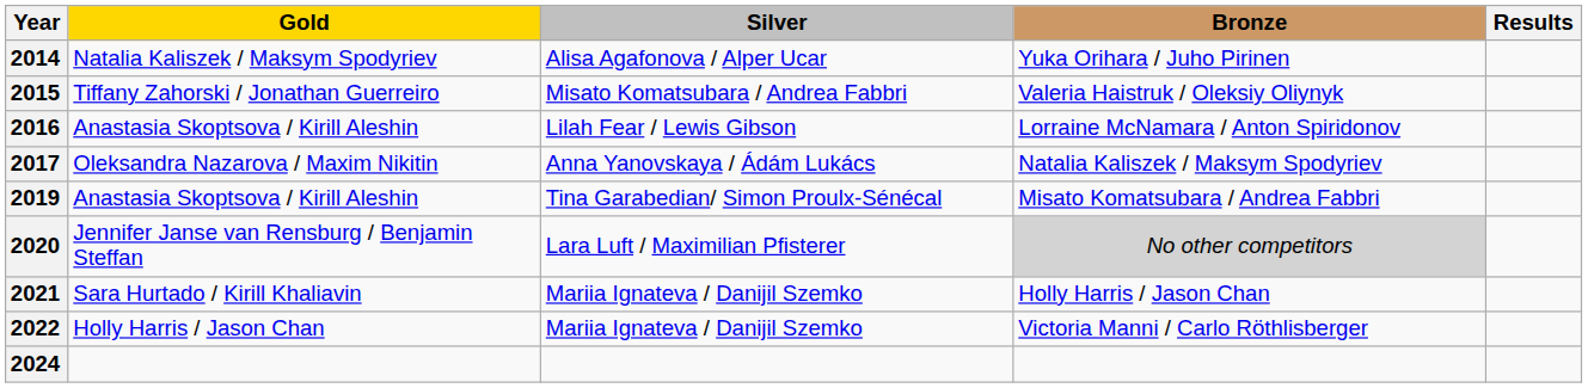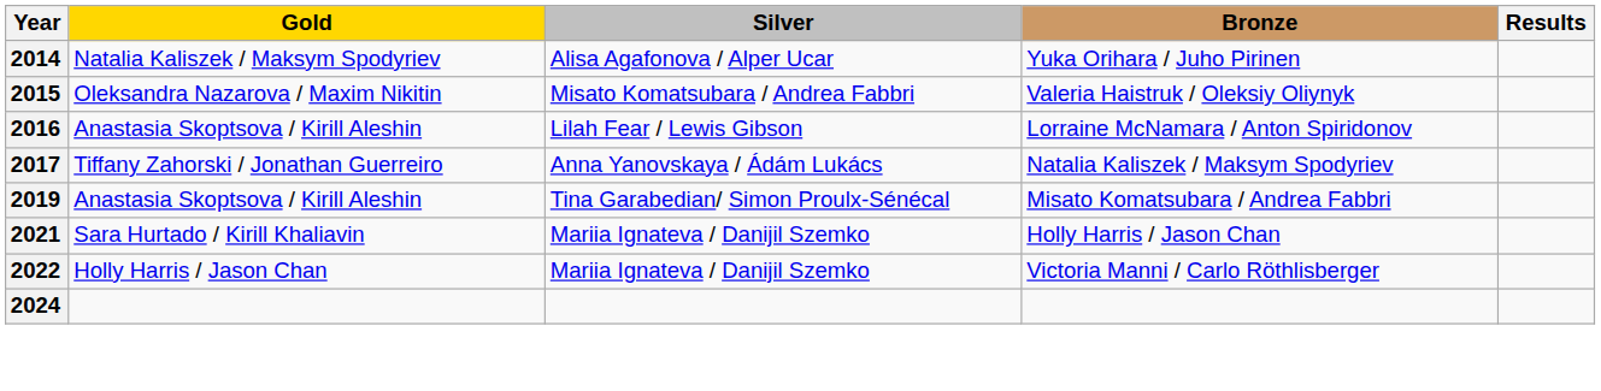 <table class="wikitable unsortable" style="text-align:left; width:90%;">
 <tr>
 <th scope="col" style="text-align:center;">Year</th>
 <td scope="col" style="text-align:center; width:30%; background:gold"><strong>Gold</strong></td>
 <td scope="col" style="text-align:center; width:30%; background:silver"><strong>Silver</strong></td>
 <td scope="col" style="text-align:center; width:30%; background:#c96"><strong>Bronze</strong></td>
 <th scope="col" style="text-align:center;">Results</th>
 </tr>
 <tr>
 <th scope="row" style="text-align:left">2014</th>
 <td> <a href='#'>Natalia Kaliszek</a> / <a href='#'>Maksym Spodyriev</a></td>
 <td> <a href='#'>Alisa Agafonova</a> / <a href='#'>Alper Ucar</a></td>
 <td> <a href='#'>Yuka Orihara</a> / <a href='#'>Juho Pirinen</a></td>
 <td></td>
 </tr>
 <tr>
 <th scope="row" style="text-align:left">2015</th>
-<td> <a href='#'>Tiffany Zahorski</a> / <a href='#'>Jonathan Guerreiro</a></td>
+<td> <a href='#'>Oleksandra Nazarova</a> / <a href='#'>Maxim Nikitin</a></td>
 <td> <a href='#'>Misato Komatsubara</a> / <a href='#'>Andrea Fabbri</a></td>
 <td> <a href='#'>Valeria Haistruk</a> / <a href='#'>Oleksiy Oliynyk</a></td>
 <td></td>
 </tr>
 <tr>
 <th scope="row" style="text-align:left">2016</th>
 <td> <a href='#'>Anastasia Skoptsova</a> / <a href='#'>Kirill Aleshin</a></td>
 <td> <a href='#'>Lilah Fear</a> / <a href='#'>Lewis Gibson</a></td>
 <td> <a href='#'>Lorraine McNamara</a> / <a href='#'>Anton Spiridonov</a></td>
 <td></td>
 </tr>
 <tr>
 <th scope="row" style="text-align:left">2017</th>
-<td> <a href='#'>Oleksandra Nazarova</a> / <a href='#'>Maxim Nikitin</a></td>
+<td> <a href='#'>Tiffany Zahorski</a> / <a href='#'>Jonathan Guerreiro</a></td>
 <td> <a href='#'>Anna Yanovskaya</a> / <a href='#'>Ádám Lukács</a></td>
 <td> <a href='#'>Natalia Kaliszek</a> / <a href='#'>Maksym Spodyriev</a></td>
 <td></td>
 </tr>
 <tr>
 <th scope="row" style="text-align:left">2019</th>
 <td> <a href='#'>Anastasia Skoptsova</a> / <a href='#'>Kirill Aleshin</a></td>
 <td> <a href='#'>Tina Garabedian</a>/ <a href='#'>Simon Proulx-Sénécal</a></td>
 <td> <a href='#'>Misato Komatsubara</a> / <a href='#'>Andrea Fabbri</a></td>
-<td></td>
-</tr>
-<tr>
-<th scope="row" style="text-align:left">2020</th>
-<td> <a href='#'>Jennifer Janse van Rensburg</a> / <a href='#'>Benjamin Steffan</a></td>
-<td> <a href='#'>Lara Luft</a> / <a href='#'>Maximilian Pfisterer</a></td>
-<td align=center bgcolor="lightgray"><em>No other competitors</em></td>
 <td></td>
 </tr>
 <tr>
 <th scope="row" style="text-align:left">2021</th>
 <td> <a href='#'>Sara Hurtado</a> / <a href='#'>Kirill Khaliavin</a></td>
 <td> <a href='#'>Mariia Ignateva</a> / <a href='#'>Danijil Szemko</a></td>
 <td> <a href='#'>Holly Harris</a> / <a href='#'>Jason Chan</a></td>
 <td></td>
 </tr>
 <tr>
 <th scope="row" style="text-align:left">2022</th>
 <td> <a href='#'>Holly Harris</a> / <a href='#'>Jason Chan</a></td>
 <td> <a href='#'>Mariia Ignateva</a> / <a href='#'>Danijil Szemko</a></td>
 <td> <a href='#'>Victoria Manni</a> / <a href='#'>Carlo Röthlisberger</a></td>
 <td></td>
 </tr>
 <tr>
 <th scope="row" style="text-align:left">2024</th>
 <td></td>
 <td></td>
 <td></td>
 <td></td>
 </tr>
 </table>
